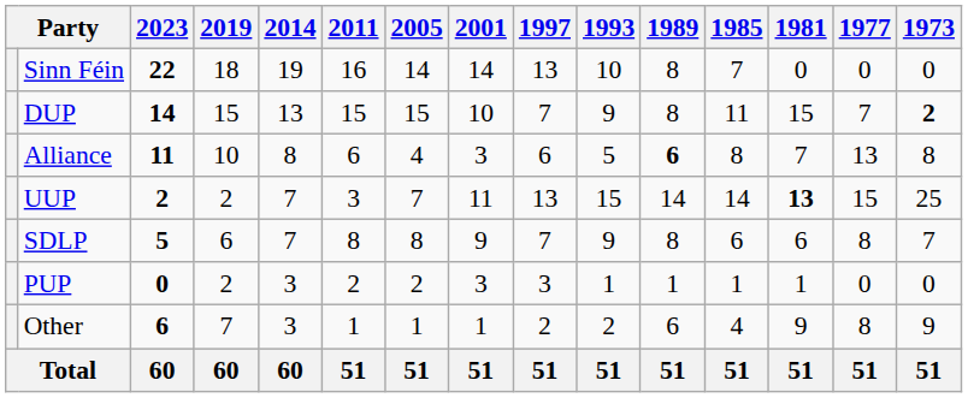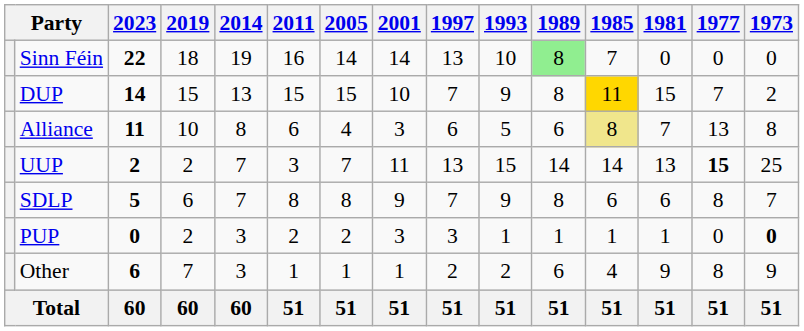 <table class="wikitable" style="font-size: 95%;">
 <tr>
 <th colspan="2">Party</th>
 <th><a href='#'>2023</a></th>
 <th><a href='#'>2019</a></th>
 <th><a href='#'>2014</a></th>
 <th><a href='#'>2011</a></th>
 <th><a href='#'>2005</a></th>
 <th><a href='#'>2001</a></th>
 <th><a href='#'>1997</a></th>
 <th><a href='#'>1993</a></th>
 <th><a href='#'>1989</a></th>
 <th><a href='#'>1985</a></th>
 <th><a href='#'>1981</a></th>
 <th><a href='#'>1977</a></th>
 <th><a href='#'>1973</a></th>
 </tr>
 <tr>
 <th style="background-color: "></th>
 <td><a href='#'>Sinn Féin</a></td>
 <td align="center"><strong>22</strong></td>
 <td align="center">18</td>
 <td align="center">19</td>
 <td align="center">16</td>
 <td align="center">14</td>
 <td align="center">14</td>
 <td align="center">13</td>
 <td align="center">10</td>
-<td align="center">8</td>
+<td align="center" style="background: lightgreen;">8</td>
 <td align="center">7</td>
 <td align="center">0</td>
 <td align="center">0</td>
 <td align="center">0</td>
 </tr>
 <tr>
 <th style="background-color: "></th>
 <td><a href='#'>DUP</a></td>
 <td align="center"><strong>14</strong></td>
 <td align="center">15</td>
 <td align="center">13</td>
 <td align="center">15</td>
 <td align="center">15</td>
 <td align="center">10</td>
 <td align="center">7</td>
 <td align="center">9</td>
 <td align="center">8</td>
-<td align="center">11</td>
+<td align="center" style="background: gold;">11</td>
 <td align="center">15</td>
 <td align="center">7</td>
-<td align="center"><strong>2</strong></td>
+<td align="center">2</td>
 </tr>
 <tr>
 <th style="background-color: "></th>
 <td><a href='#'>Alliance</a></td>
 <td align="center"><strong>11</strong></td>
 <td align="center">10</td>
 <td align="center">8</td>
 <td align="center">6</td>
 <td align="center">4</td>
 <td align="center">3</td>
 <td align="center">6</td>
 <td align="center">5</td>
-<td align="center"><strong>6</strong></td>
-<td align="center">8</td>
+<td align="center">6</td>
+<td align="center" style="background: khaki;">8</td>
 <td align="center">7</td>
 <td align="center">13</td>
 <td align="center">8</td>
 </tr>
 <tr>
 <th style="background-color: "></th>
 <td><a href='#'>UUP</a></td>
 <td align="center"><strong>2</strong></td>
 <td align="center">2</td>
 <td align="center">7</td>
 <td align="center">3</td>
 <td align="center">7</td>
 <td align="center">11</td>
 <td align="center">13</td>
 <td align="center">15</td>
 <td align="center">14</td>
 <td align="center">14</td>
-<td align="center"><strong>13</strong></td>
-<td align="center">15</td>
+<td align="center">13</td>
+<td align="center"><strong>15</strong></td>
 <td align="center">25</td>
 </tr>
 <tr>
 <th style="background-color: "></th>
 <td><a href='#'>SDLP</a></td>
 <td align="center"><strong>5</strong></td>
 <td align="center">6</td>
 <td align="center">7</td>
 <td align="center">8</td>
 <td align="center">8</td>
 <td align="center">9</td>
 <td align="center">7</td>
 <td align="center">9</td>
 <td align="center">8</td>
 <td align="center">6</td>
 <td align="center">6</td>
 <td align="center">8</td>
 <td align="center">7</td>
 </tr>
 <tr>
 <th style="background-color: "></th>
 <td><a href='#'>PUP</a></td>
 <td align="center"><strong>0</strong></td>
 <td align="center">2</td>
 <td align="center">3</td>
 <td align="center">2</td>
 <td align="center">2</td>
 <td align="center">3</td>
 <td align="center">3</td>
 <td align="center">1</td>
 <td align="center">1</td>
 <td align="center">1</td>
 <td align="center">1</td>
 <td align="center">0</td>
-<td align="center">0</td>
+<td align="center"><strong>0</strong></td>
 </tr>
 <tr>
 <th style="background-color: "></th>
 <td>Other</td>
 <td align="center"><strong>6</strong></td>
 <td align="center">7</td>
 <td align="center">3</td>
 <td align="center">1</td>
 <td align="center">1</td>
 <td align="center">1</td>
 <td align="center">2</td>
 <td align="center">2</td>
 <td align="center">6</td>
 <td align="center">4</td>
 <td align="center">9</td>
 <td align="center">8</td>
 <td align="center">9</td>
 </tr>
 <tr>
 <th colspan="2"><strong>Total</strong></th>
 <th align="center"><strong>60</strong></th>
 <th align="center"><strong>60</strong></th>
 <th align="center"><strong>60</strong></th>
 <th align="center"><strong>51</strong></th>
 <th align="center"><strong>51</strong></th>
 <th align="center"><strong>51</strong></th>
 <th align="center"><strong>51</strong></th>
 <th align="center"><strong>51</strong></th>
 <th align="center"><strong>51</strong></th>
 <th align="center"><strong>51</strong></th>
 <th align="center"><strong>51</strong></th>
 <th align="center"><strong>51</strong></th>
 <th align="center"><strong>51</strong></th>
 </tr>
 </table>
